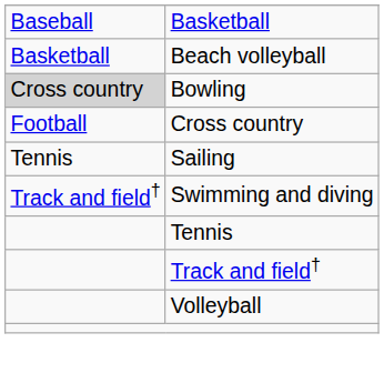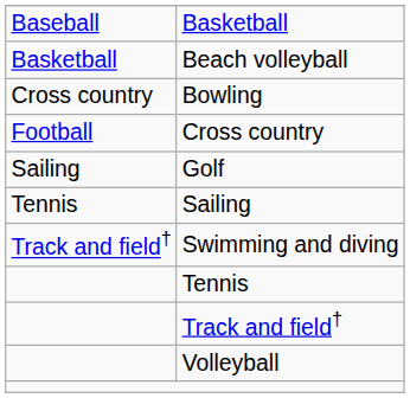 <table class="wikitable" style="float:right; clear:right; margin:0 0 1em 1em;">
 <tr>
 </tr>
 <tr>
 <td><a href='#'>Baseball</a></td>
 <td><a href='#'>Basketball</a></td>
 </tr>
 <tr>
 <td><a href='#'>Basketball</a></td>
 <td>Beach volleyball</td>
 </tr>
 <tr>
-<td style="background: lightgrey;">Cross country</td>
+<td>Cross country</td>
 <td>Bowling</td>
 </tr>
 <tr>
 <td><a href='#'>Football</a></td>
 <td>Cross country</td>
+</tr>
+<tr>
+<td>Sailing</td>
+<td>Golf</td>
 </tr>
 <tr>
 <td>Tennis</td>
 <td>Sailing</td>
 </tr>
 <tr>
 <td><a href='#'>Track and field</a><sup>†</sup></td>
 <td>Swimming and diving</td>
 </tr>
 <tr>
 <td></td>
 <td>Tennis</td>
 </tr>
 <tr>
 <td></td>
 <td><a href='#'>Track and field</a><sup>†</sup></td>
 </tr>
 <tr>
 <td></td>
 <td>Volleyball</td>
 </tr>
 <tr>
 <td colspan="2"></td>
 </tr>
 </table>
